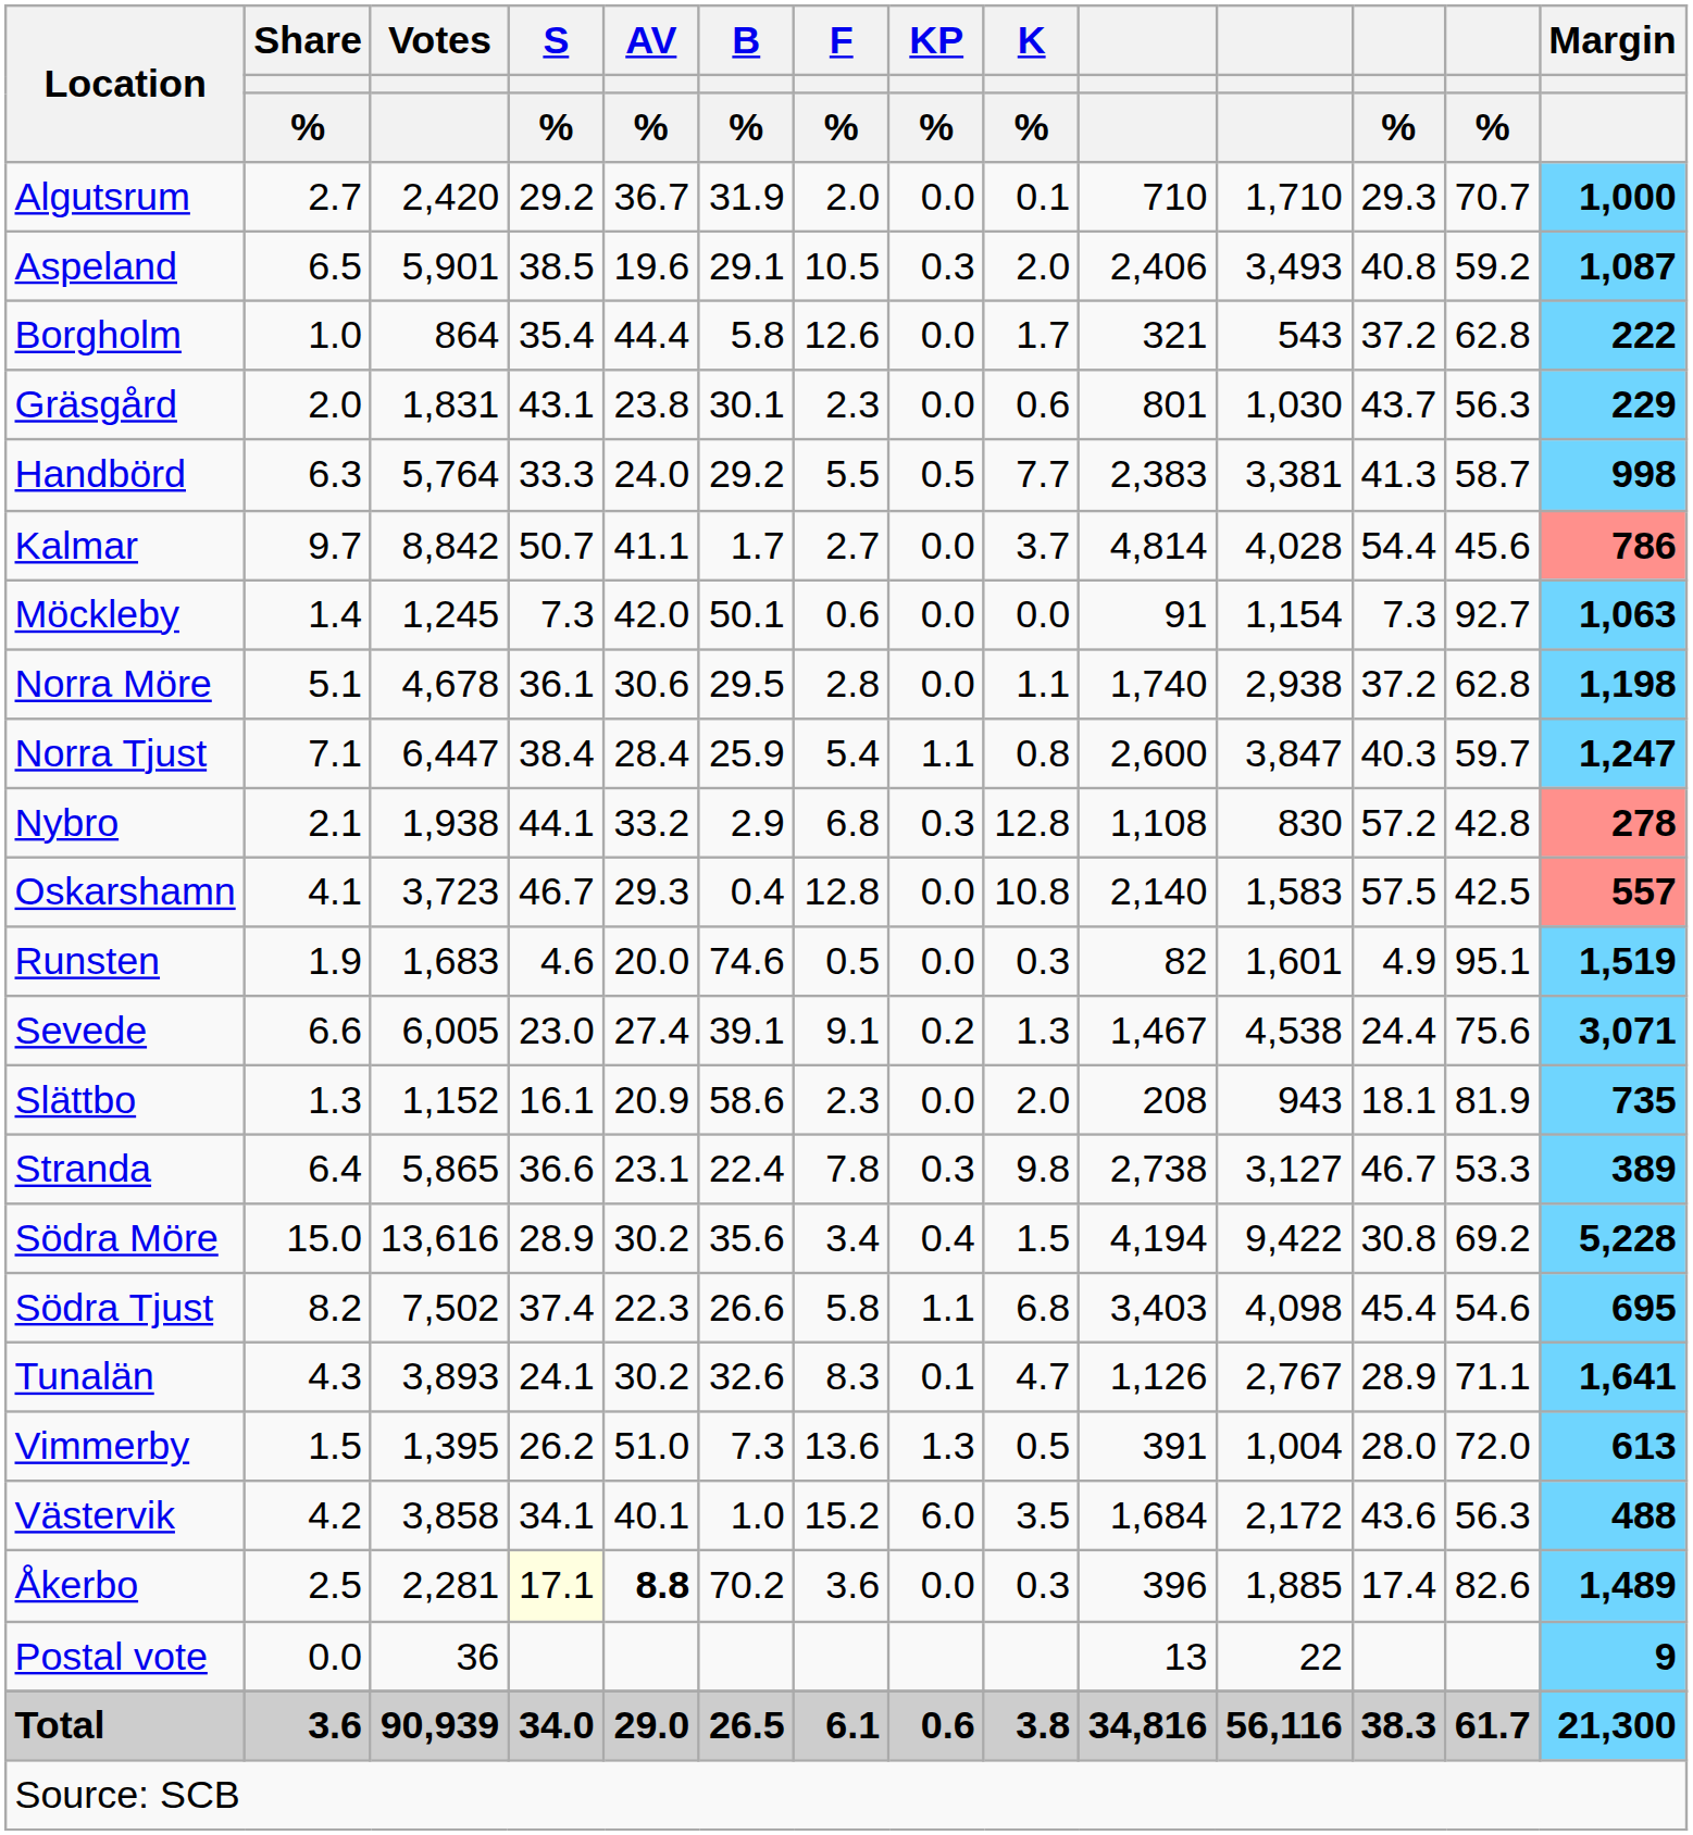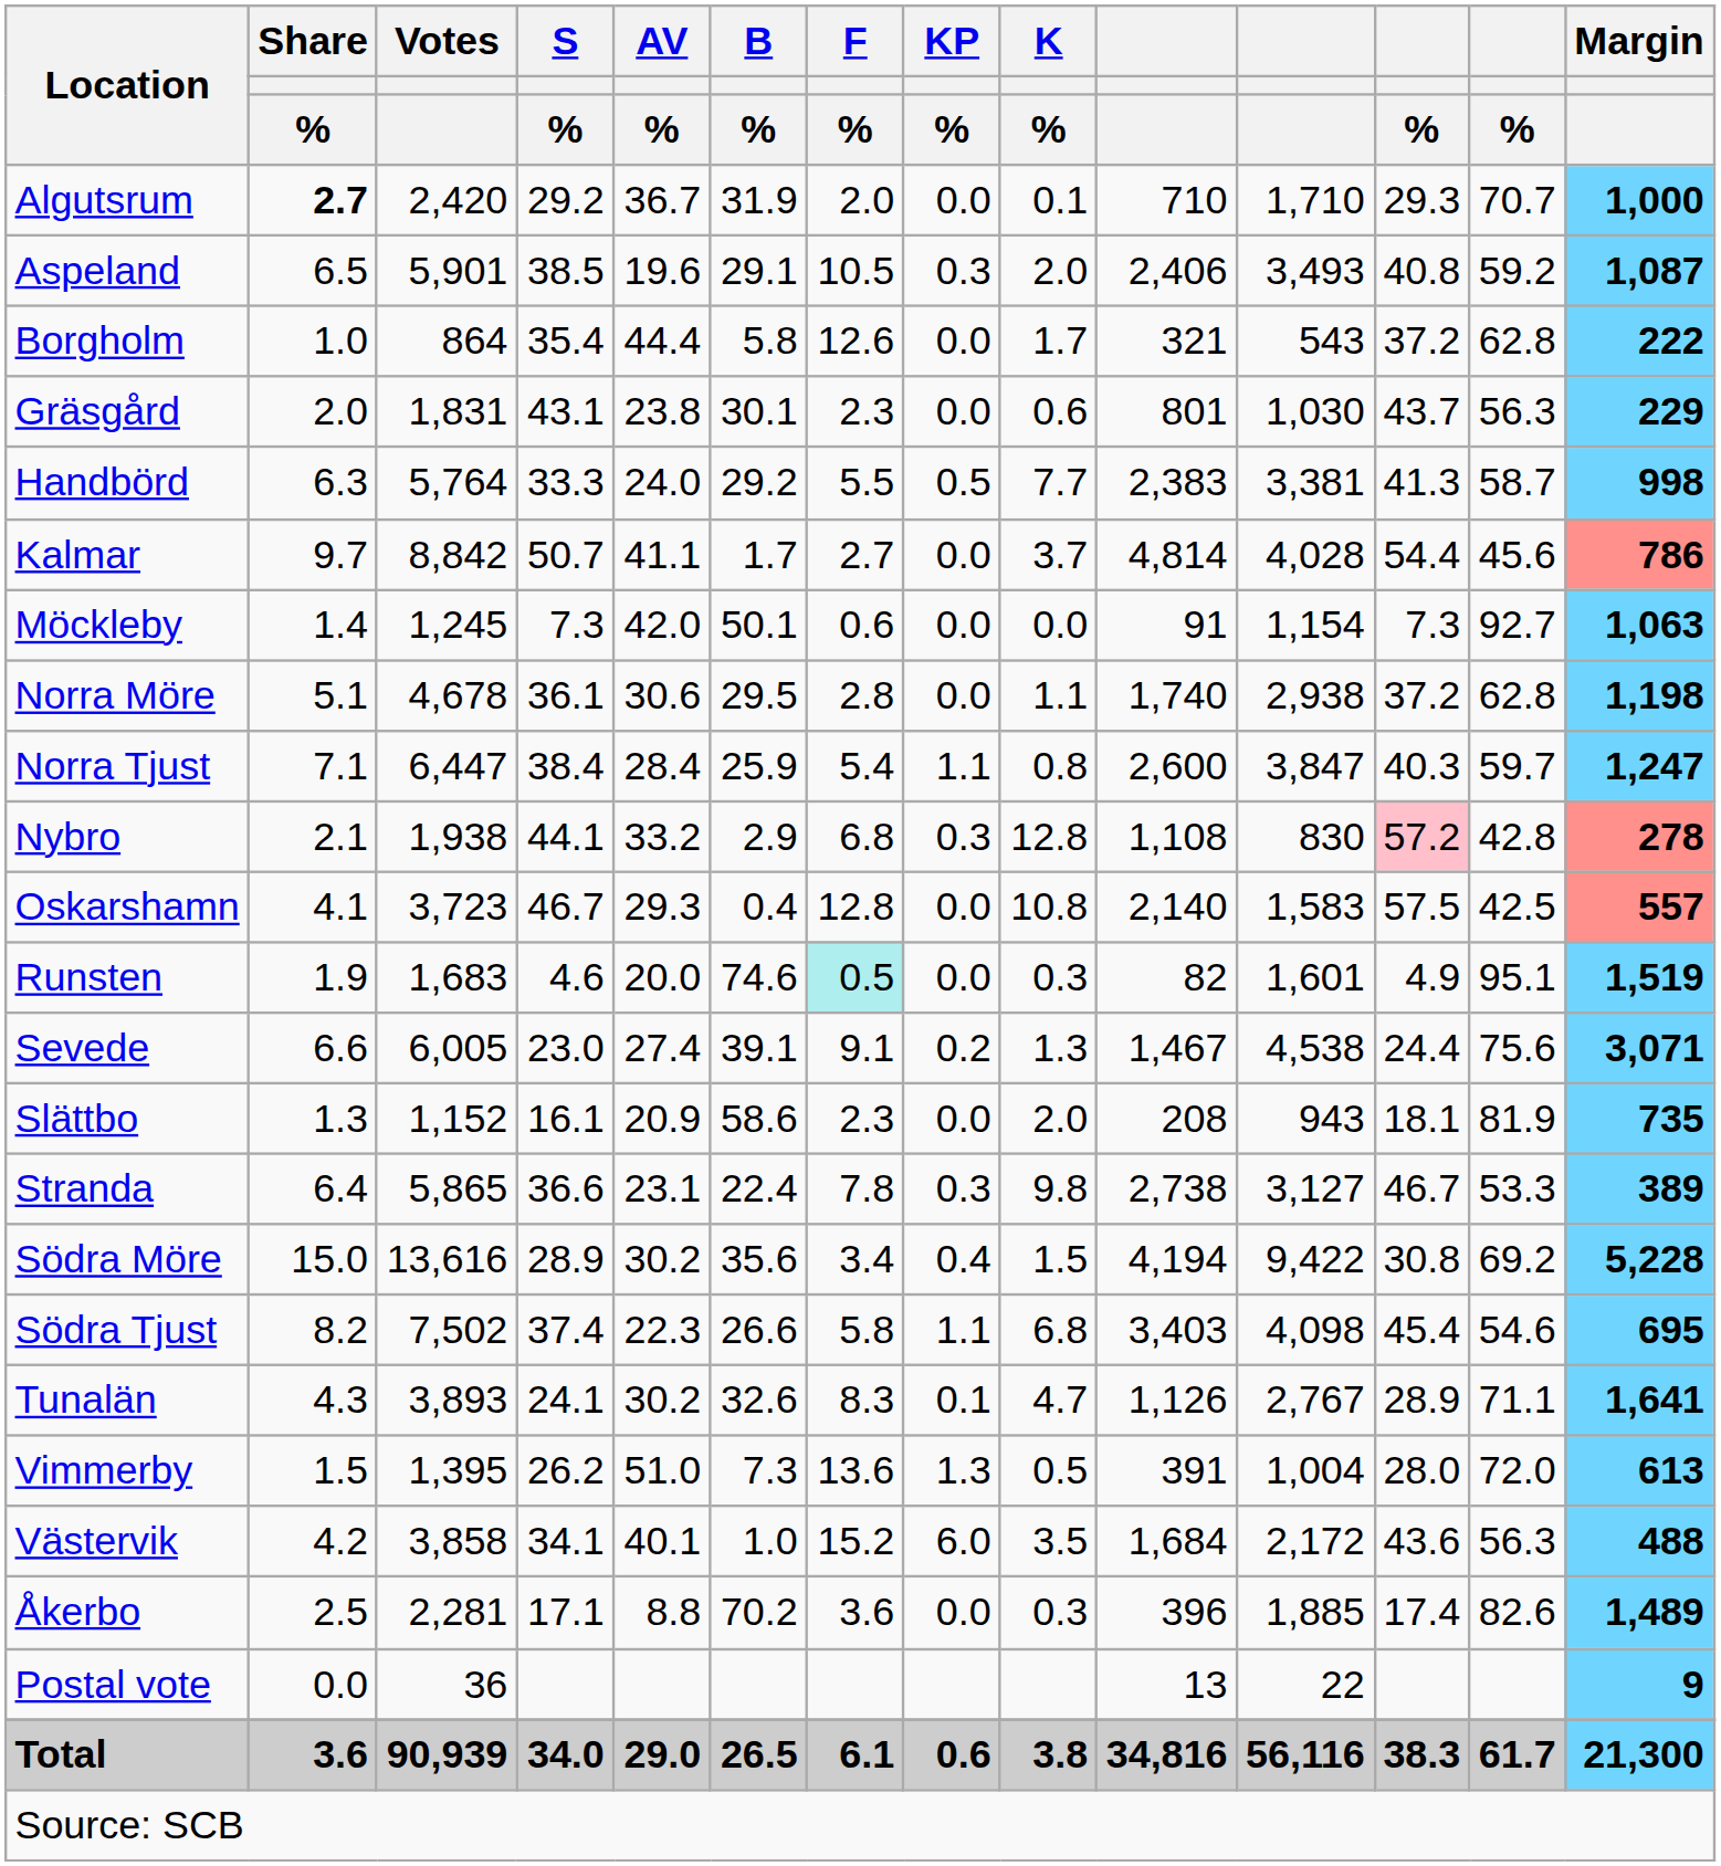 <table class="wikitable sortable" style="text-align:right; font-size:95%; line-height:20px;">
 <tr>
 <th rowspan="3">Location</th>
 <th>Share</th>
 <th>Votes</th>
 <th width="30px" class="unsortable"><a href='#'>S</a></th>
 <th width="30px" class="unsortable"><a href='#'>AV</a></th>
 <th width="30px" class="unsortable"><a href='#'>B</a></th>
 <th width="30px" class="unsortable"><a href='#'>F</a></th>
 <th width="30px" class="unsortable"><a href='#'>KP</a></th>
 <th width="30px" class="unsortable"><a href='#'>K</a></th>
 <th></th>
 <th></th>
 <th></th>
 <th></th>
 <th>Margin</th>
 </tr>
 <tr>
 <th></th>
 <th></th>
 <th style="background:"></th>
 <th style="background:"></th>
 <th style="background:"></th>
 <th style="background:"></th>
 <th style="background:"></th>
 <th style="background:"></th>
 <th style="background:"></th>
 <th style="background:"></th>
 <th style="background:"></th>
 <th style="background:"></th>
 <th></th>
 </tr>
 <tr>
 <th data-sort-type="number">%</th>
 <th></th>
 <th data-sort-type="number">%</th>
 <th data-sort-type="number">%</th>
 <th data-sort-type="number">%</th>
 <th data-sort-type="number">%</th>
 <th data-sort-type="number">%</th>
 <th data-sort-type="number">%</th>
 <th></th>
 <th></th>
 <th data-sort-type="number">%</th>
 <th data-sort-type="number">%</th>
 <th></th>
 </tr>
 <tr>
 <td align=left><a href='#'>Algutsrum</a></td>
-<td>2.7</td>
+<td><strong>2.7</strong></td>
 <td>2,420</td>
 <td>29.2</td>
 <td>36.7</td>
 <td>31.9</td>
 <td>2.0</td>
 <td>0.0</td>
 <td>0.1</td>
 <td>710</td>
 <td>1,710</td>
 <td>29.3</td>
 <td>70.7</td>
 <td bgcolor=#6fd5fe><strong>1,000</strong></td>
 </tr>
 <tr>
 <td align=left><a href='#'>Aspeland</a></td>
 <td>6.5</td>
 <td>5,901</td>
 <td>38.5</td>
 <td>19.6</td>
 <td>29.1</td>
 <td>10.5</td>
 <td>0.3</td>
 <td>2.0</td>
 <td>2,406</td>
 <td>3,493</td>
 <td>40.8</td>
 <td>59.2</td>
 <td bgcolor=#6fd5fe><strong>1,087</strong></td>
 </tr>
 <tr>
 <td align=left><a href='#'>Borgholm</a></td>
 <td>1.0</td>
 <td>864</td>
 <td>35.4</td>
 <td>44.4</td>
 <td>5.8</td>
 <td>12.6</td>
 <td>0.0</td>
 <td>1.7</td>
 <td>321</td>
 <td>543</td>
 <td>37.2</td>
 <td>62.8</td>
 <td bgcolor=#6fd5fe><strong>222</strong></td>
 </tr>
 <tr>
 <td align=left><a href='#'>Gräsgård</a></td>
 <td>2.0</td>
 <td>1,831</td>
 <td>43.1</td>
 <td>23.8</td>
 <td>30.1</td>
 <td>2.3</td>
 <td>0.0</td>
 <td>0.6</td>
 <td>801</td>
 <td>1,030</td>
 <td>43.7</td>
 <td>56.3</td>
 <td bgcolor=#6fd5fe><strong>229</strong></td>
 </tr>
 <tr>
 <td align=left><a href='#'>Handbörd</a></td>
 <td>6.3</td>
 <td>5,764</td>
 <td>33.3</td>
 <td>24.0</td>
 <td>29.2</td>
 <td>5.5</td>
 <td>0.5</td>
 <td>7.7</td>
 <td>2,383</td>
 <td>3,381</td>
 <td>41.3</td>
 <td>58.7</td>
 <td bgcolor=#6fd5fe><strong>998</strong></td>
 </tr>
 <tr>
 <td align=left><a href='#'>Kalmar</a></td>
 <td>9.7</td>
 <td>8,842</td>
 <td>50.7</td>
 <td>41.1</td>
 <td>1.7</td>
 <td>2.7</td>
 <td>0.0</td>
 <td>3.7</td>
 <td>4,814</td>
 <td>4,028</td>
 <td>54.4</td>
 <td>45.6</td>
 <td bgcolor=#ff908c><strong>786</strong></td>
 </tr>
 <tr>
 <td align=left><a href='#'>Möckleby</a></td>
 <td>1.4</td>
 <td>1,245</td>
 <td>7.3</td>
 <td>42.0</td>
 <td>50.1</td>
 <td>0.6</td>
 <td>0.0</td>
 <td>0.0</td>
 <td>91</td>
 <td>1,154</td>
 <td>7.3</td>
 <td>92.7</td>
 <td bgcolor=#6fd5fe><strong>1,063</strong></td>
 </tr>
 <tr>
 <td align=left><a href='#'>Norra Möre</a></td>
 <td>5.1</td>
 <td>4,678</td>
 <td>36.1</td>
 <td>30.6</td>
 <td>29.5</td>
 <td>2.8</td>
 <td>0.0</td>
 <td>1.1</td>
 <td>1,740</td>
 <td>2,938</td>
 <td>37.2</td>
 <td>62.8</td>
 <td bgcolor=#6fd5fe><strong>1,198</strong></td>
 </tr>
 <tr>
 <td align=left><a href='#'>Norra Tjust</a></td>
 <td>7.1</td>
 <td>6,447</td>
 <td>38.4</td>
 <td>28.4</td>
 <td>25.9</td>
 <td>5.4</td>
 <td>1.1</td>
 <td>0.8</td>
 <td>2,600</td>
 <td>3,847</td>
 <td>40.3</td>
 <td>59.7</td>
 <td bgcolor=#6fd5fe><strong>1,247</strong></td>
 </tr>
 <tr>
 <td align=left><a href='#'>Nybro</a></td>
 <td>2.1</td>
 <td>1,938</td>
 <td>44.1</td>
 <td>33.2</td>
 <td>2.9</td>
 <td>6.8</td>
 <td>0.3</td>
 <td>12.8</td>
 <td>1,108</td>
 <td>830</td>
-<td>57.2</td>
+<td style="background: pink;">57.2</td>
 <td>42.8</td>
 <td bgcolor=#ff908c><strong>278</strong></td>
 </tr>
 <tr>
 <td align=left><a href='#'>Oskarshamn</a></td>
 <td>4.1</td>
 <td>3,723</td>
 <td>46.7</td>
 <td>29.3</td>
 <td>0.4</td>
 <td>12.8</td>
 <td>0.0</td>
 <td>10.8</td>
 <td>2,140</td>
 <td>1,583</td>
 <td>57.5</td>
 <td>42.5</td>
 <td bgcolor=#ff908c><strong>557</strong></td>
 </tr>
 <tr>
 <td align=left><a href='#'>Runsten</a></td>
 <td>1.9</td>
 <td>1,683</td>
 <td>4.6</td>
 <td>20.0</td>
 <td>74.6</td>
-<td>0.5</td>
+<td style="background: paleturquoise;">0.5</td>
 <td>0.0</td>
 <td>0.3</td>
 <td>82</td>
 <td>1,601</td>
 <td>4.9</td>
 <td>95.1</td>
 <td bgcolor=#6fd5fe><strong>1,519</strong></td>
 </tr>
 <tr>
 <td align=left><a href='#'>Sevede</a></td>
 <td>6.6</td>
 <td>6,005</td>
 <td>23.0</td>
 <td>27.4</td>
 <td>39.1</td>
 <td>9.1</td>
 <td>0.2</td>
 <td>1.3</td>
 <td>1,467</td>
 <td>4,538</td>
 <td>24.4</td>
 <td>75.6</td>
 <td bgcolor=#6fd5fe><strong>3,071</strong></td>
 </tr>
 <tr>
 <td align=left><a href='#'>Slättbo</a></td>
 <td>1.3</td>
 <td>1,152</td>
 <td>16.1</td>
 <td>20.9</td>
 <td>58.6</td>
 <td>2.3</td>
 <td>0.0</td>
 <td>2.0</td>
 <td>208</td>
 <td>943</td>
 <td>18.1</td>
 <td>81.9</td>
 <td bgcolor=#6fd5fe><strong>735</strong></td>
 </tr>
 <tr>
 <td align=left><a href='#'>Stranda</a></td>
 <td>6.4</td>
 <td>5,865</td>
 <td>36.6</td>
 <td>23.1</td>
 <td>22.4</td>
 <td>7.8</td>
 <td>0.3</td>
 <td>9.8</td>
 <td>2,738</td>
 <td>3,127</td>
 <td>46.7</td>
 <td>53.3</td>
 <td bgcolor=#6fd5fe><strong>389</strong></td>
 </tr>
 <tr>
 <td align=left><a href='#'>Södra Möre</a></td>
 <td>15.0</td>
 <td>13,616</td>
 <td>28.9</td>
 <td>30.2</td>
 <td>35.6</td>
 <td>3.4</td>
 <td>0.4</td>
 <td>1.5</td>
 <td>4,194</td>
 <td>9,422</td>
 <td>30.8</td>
 <td>69.2</td>
 <td bgcolor=#6fd5fe><strong>5,228</strong></td>
 </tr>
 <tr>
 <td align=left><a href='#'>Södra Tjust</a></td>
 <td>8.2</td>
 <td>7,502</td>
 <td>37.4</td>
 <td>22.3</td>
 <td>26.6</td>
 <td>5.8</td>
 <td>1.1</td>
 <td>6.8</td>
 <td>3,403</td>
 <td>4,098</td>
 <td>45.4</td>
 <td>54.6</td>
 <td bgcolor=#6fd5fe><strong>695</strong></td>
 </tr>
 <tr>
 <td align=left><a href='#'>Tunalän</a></td>
 <td>4.3</td>
 <td>3,893</td>
 <td>24.1</td>
 <td>30.2</td>
 <td>32.6</td>
 <td>8.3</td>
 <td>0.1</td>
 <td>4.7</td>
 <td>1,126</td>
 <td>2,767</td>
 <td>28.9</td>
 <td>71.1</td>
 <td bgcolor=#6fd5fe><strong>1,641</strong></td>
 </tr>
 <tr>
 <td align=left><a href='#'>Vimmerby</a></td>
 <td>1.5</td>
 <td>1,395</td>
 <td>26.2</td>
 <td>51.0</td>
 <td>7.3</td>
 <td>13.6</td>
 <td>1.3</td>
 <td>0.5</td>
 <td>391</td>
 <td>1,004</td>
 <td>28.0</td>
 <td>72.0</td>
 <td bgcolor=#6fd5fe><strong>613</strong></td>
 </tr>
 <tr>
 <td align=left><a href='#'>Västervik</a></td>
 <td>4.2</td>
 <td>3,858</td>
 <td>34.1</td>
 <td>40.1</td>
 <td>1.0</td>
 <td>15.2</td>
 <td>6.0</td>
 <td>3.5</td>
 <td>1,684</td>
 <td>2,172</td>
 <td>43.6</td>
 <td>56.3</td>
 <td bgcolor=#6fd5fe><strong>488</strong></td>
 </tr>
 <tr>
 <td align=left><a href='#'>Åkerbo</a></td>
 <td>2.5</td>
 <td>2,281</td>
-<td style="background: lightyellow;">17.1</td>
-<td><strong>8.8</strong></td>
+<td>17.1</td>
+<td>8.8</td>
 <td>70.2</td>
 <td>3.6</td>
 <td>0.0</td>
 <td>0.3</td>
 <td>396</td>
 <td>1,885</td>
 <td>17.4</td>
 <td>82.6</td>
 <td bgcolor=#6fd5fe><strong>1,489</strong></td>
 </tr>
 <tr>
 <td align=left><a href='#'>Postal vote</a></td>
 <td>0.0</td>
 <td>36</td>
 <td></td>
 <td></td>
 <td></td>
 <td></td>
 <td></td>
 <td></td>
 <td>13</td>
 <td>22</td>
 <td></td>
 <td></td>
 <td bgcolor=#6fd5fe><strong>9</strong></td>
 </tr>
 <tr>
 </tr>
 <tr style="background:#CDCDCD;">
 <td align=left><strong>Total</strong></td>
 <td><strong>3.6</strong></td>
 <td><strong>90,939</strong></td>
 <td><strong>34.0</strong></td>
 <td><strong>29.0</strong></td>
 <td><strong>26.5</strong></td>
 <td><strong>6.1</strong></td>
 <td><strong>0.6</strong></td>
 <td><strong>3.8</strong></td>
 <td><strong>34,816</strong></td>
 <td><strong>56,116</strong></td>
 <td><strong>38.3</strong></td>
 <td><strong>61.7</strong></td>
 <td bgcolor=#6fd5fe><strong>21,300</strong></td>
 </tr>
 <tr>
 <td align=left colspan=14>Source: SCB </td>
 </tr>
 </table>
